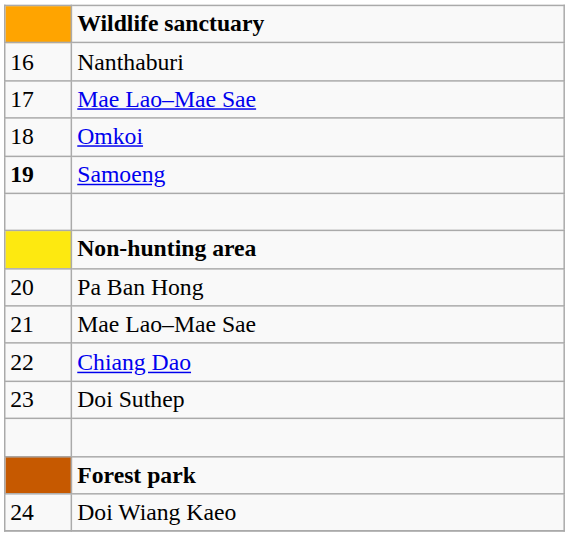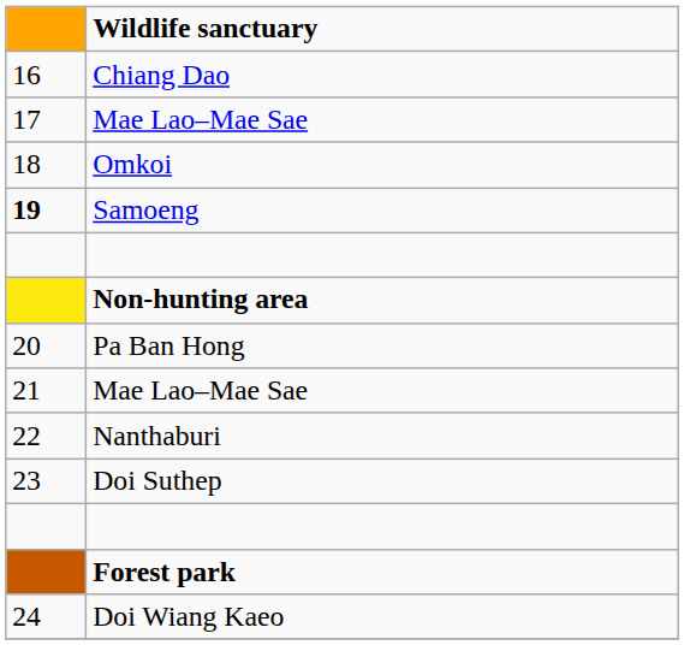 <table class= "wikitable" style= "width:30%; display:inline-table;">
 <tr>
 <td style="width:3%; background:#FFA400;"> </td>
 <td style="width:27%;"><strong>Wildlife sanctuary</strong></td>
 </tr>
 <tr>
 <td>16</td>
-<td>Nanthaburi</td>
+<td><a href='#'>Chiang Dao</a></td>
 </tr>
 <tr>
 <td>17</td>
 <td><a href='#'>Mae Lao–Mae Sae</a></td>
 </tr>
 <tr>
 <td>18</td>
 <td><a href='#'>Omkoi</a></td>
 </tr>
 <tr>
 <td><strong>19</strong></td>
 <td><a href='#'>Samoeng</a></td>
 </tr>
 <tr>
 <td>  </td>
 </tr>
 <tr>
 <td style="width:3%; background:#FDE910;"> </td>
 <td style="width:30%;"><strong>Non-hunting area</strong></td>
 </tr>
 <tr>
 <td>20</td>
 <td>Pa Ban Hong</td>
 </tr>
 <tr>
 <td>21</td>
 <td>Mae Lao–Mae Sae</td>
 </tr>
 <tr>
 <td>22</td>
-<td><a href='#'>Chiang Dao</a></td>
+<td>Nanthaburi</td>
 </tr>
 <tr>
 <td>23</td>
 <td>Doi Suthep</td>
 </tr>
 <tr>
 <td>  </td>
 </tr>
 <tr>
 <td style="width:3%; background:#C65900;"> </td>
 <td><strong>Forest park</strong></td>
 </tr>
 <tr>
 <td>24</td>
 <td>Doi Wiang Kaeo</td>
 </tr>
 <tr>
 </tr>
 </table>
